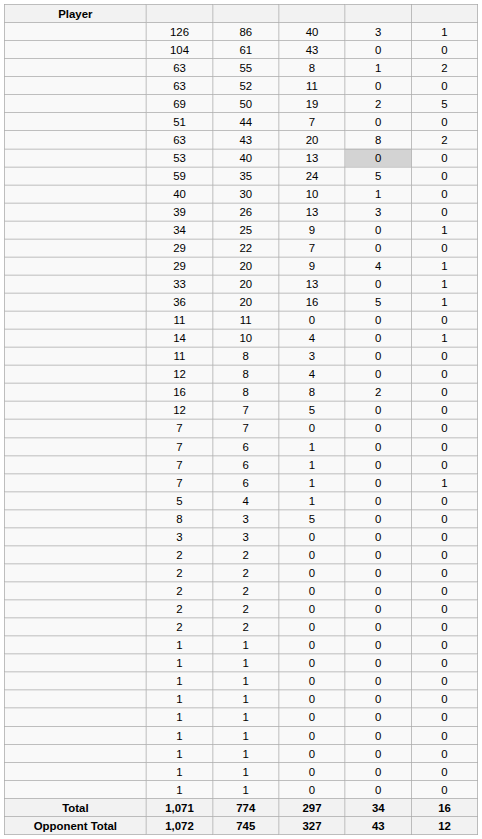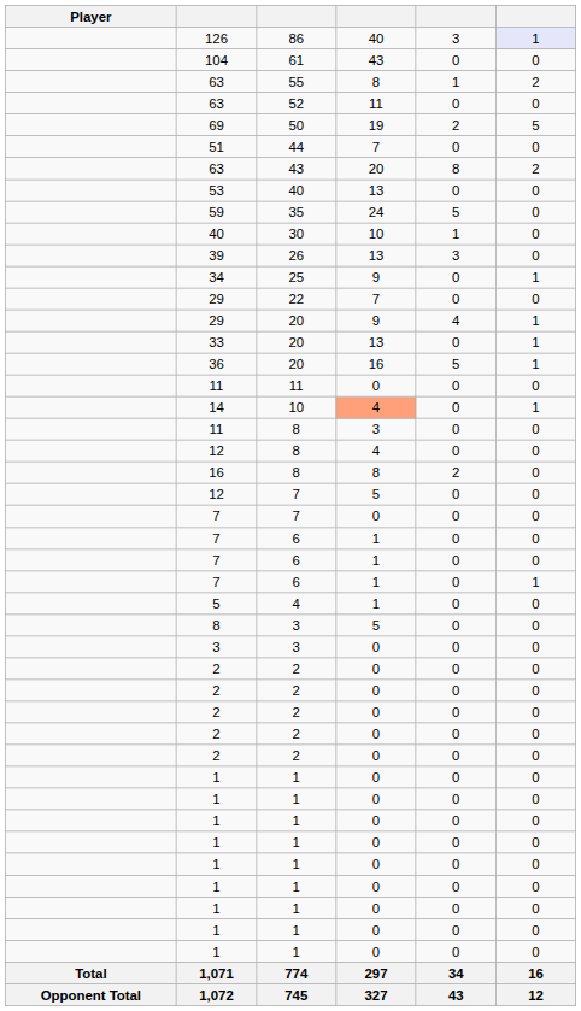 <table class="wikitable sortable" style="text-align:center; width:50%; font-size:95%;">
 <tr>
 <th width="30%">Player</th>
 <th width="14%"></th>
 <th width="14%"></th>
 <th width="14%"></th>
 <th width="14%"></th>
 <th width="14%"></th>
 </tr>
 <tr>
 <td align=left></td>
 <td>126</td>
 <td>86</td>
 <td>40</td>
 <td>3</td>
-<td>1</td>
+<td style="background: lavender;">1</td>
 </tr>
 <tr>
 <td align=left></td>
 <td>104</td>
 <td>61</td>
 <td>43</td>
 <td>0</td>
 <td>0</td>
 </tr>
 <tr>
 <td align=left></td>
 <td>63</td>
 <td>55</td>
 <td>8</td>
 <td>1</td>
 <td>2</td>
 </tr>
 <tr>
 <td align=left></td>
 <td>63</td>
 <td>52</td>
 <td>11</td>
 <td>0</td>
 <td>0</td>
 </tr>
 <tr>
 <td align=left></td>
 <td>69</td>
 <td>50</td>
 <td>19</td>
 <td>2</td>
 <td>5</td>
 </tr>
 <tr>
 <td align=left></td>
 <td>51</td>
 <td>44</td>
 <td>7</td>
 <td>0</td>
 <td>0</td>
 </tr>
 <tr>
 <td align=left></td>
 <td>63</td>
 <td>43</td>
 <td>20</td>
 <td>8</td>
 <td>2</td>
 </tr>
 <tr>
 <td align=left></td>
 <td>53</td>
 <td>40</td>
 <td>13</td>
-<td style="background: lightgrey;">0</td>
+<td>0</td>
 <td>0</td>
 </tr>
 <tr>
 <td align=left></td>
 <td>59</td>
 <td>35</td>
 <td>24</td>
 <td>5</td>
 <td>0</td>
 </tr>
 <tr>
 <td align=left></td>
 <td>40</td>
 <td>30</td>
 <td>10</td>
 <td>1</td>
 <td>0</td>
 </tr>
 <tr>
 <td align=left></td>
 <td>39</td>
 <td>26</td>
 <td>13</td>
 <td>3</td>
 <td>0</td>
 </tr>
 <tr>
 <td align=left></td>
 <td>34</td>
 <td>25</td>
 <td>9</td>
 <td>0</td>
 <td>1</td>
 </tr>
 <tr>
 <td align=left></td>
 <td>29</td>
 <td>22</td>
 <td>7</td>
 <td>0</td>
 <td>0</td>
 </tr>
 <tr>
 <td align=left></td>
 <td>29</td>
 <td>20</td>
 <td>9</td>
 <td>4</td>
 <td>1</td>
 </tr>
 <tr>
 <td align=left></td>
 <td>33</td>
 <td>20</td>
 <td>13</td>
 <td>0</td>
 <td>1</td>
 </tr>
 <tr>
 <td align=left></td>
 <td>36</td>
 <td>20</td>
 <td>16</td>
 <td>5</td>
 <td>1</td>
 </tr>
 <tr>
 <td align=left></td>
 <td>11</td>
 <td>11</td>
 <td>0</td>
 <td>0</td>
 <td>0</td>
 </tr>
 <tr>
 <td align=left></td>
 <td>14</td>
 <td>10</td>
-<td>4</td>
+<td style="background: lightsalmon;">4</td>
 <td>0</td>
 <td>1</td>
 </tr>
 <tr>
 <td align=left></td>
 <td>11</td>
 <td>8</td>
 <td>3</td>
 <td>0</td>
 <td>0</td>
 </tr>
 <tr>
 <td align=left></td>
 <td>12</td>
 <td>8</td>
 <td>4</td>
 <td>0</td>
 <td>0</td>
 </tr>
 <tr>
 <td align=left></td>
 <td>16</td>
 <td>8</td>
 <td>8</td>
 <td>2</td>
 <td>0</td>
 </tr>
 <tr>
 <td align=left></td>
 <td>12</td>
 <td>7</td>
 <td>5</td>
 <td>0</td>
 <td>0</td>
 </tr>
 <tr>
 <td align=left></td>
 <td>7</td>
 <td>7</td>
 <td>0</td>
 <td>0</td>
 <td>0</td>
 </tr>
 <tr>
 <td align=left></td>
 <td>7</td>
 <td>6</td>
 <td>1</td>
 <td>0</td>
 <td>0</td>
 </tr>
 <tr>
 <td align=left></td>
 <td>7</td>
 <td>6</td>
 <td>1</td>
 <td>0</td>
 <td>0</td>
 </tr>
 <tr>
 <td align=left></td>
 <td>7</td>
 <td>6</td>
 <td>1</td>
 <td>0</td>
 <td>1</td>
 </tr>
 <tr>
 <td align=left></td>
 <td>5</td>
 <td>4</td>
 <td>1</td>
 <td>0</td>
 <td>0</td>
 </tr>
 <tr>
 <td align=left></td>
 <td>8</td>
 <td>3</td>
 <td>5</td>
 <td>0</td>
 <td>0</td>
 </tr>
 <tr>
 <td align=left></td>
 <td>3</td>
 <td>3</td>
 <td>0</td>
 <td>0</td>
 <td>0</td>
 </tr>
 <tr>
 <td align=left></td>
 <td>2</td>
 <td>2</td>
 <td>0</td>
 <td>0</td>
 <td>0</td>
 </tr>
 <tr>
 <td align=left></td>
 <td>2</td>
 <td>2</td>
 <td>0</td>
 <td>0</td>
 <td>0</td>
 </tr>
 <tr>
 <td align=left></td>
 <td>2</td>
 <td>2</td>
 <td>0</td>
 <td>0</td>
 <td>0</td>
 </tr>
 <tr>
 <td align=left></td>
 <td>2</td>
 <td>2</td>
 <td>0</td>
 <td>0</td>
 <td>0</td>
 </tr>
 <tr>
 <td align=left></td>
 <td>2</td>
 <td>2</td>
 <td>0</td>
 <td>0</td>
 <td>0</td>
 </tr>
 <tr>
 <td align=left></td>
 <td>1</td>
 <td>1</td>
 <td>0</td>
 <td>0</td>
 <td>0</td>
 </tr>
 <tr>
 <td align=left></td>
 <td>1</td>
 <td>1</td>
 <td>0</td>
 <td>0</td>
 <td>0</td>
 </tr>
 <tr>
 <td align=left></td>
 <td>1</td>
 <td>1</td>
 <td>0</td>
 <td>0</td>
 <td>0</td>
 </tr>
 <tr>
 <td align=left></td>
 <td>1</td>
 <td>1</td>
 <td>0</td>
 <td>0</td>
 <td>0</td>
 </tr>
 <tr>
 <td align=left></td>
 <td>1</td>
 <td>1</td>
 <td>0</td>
 <td>0</td>
 <td>0</td>
 </tr>
 <tr>
 <td align=left></td>
 <td>1</td>
 <td>1</td>
 <td>0</td>
 <td>0</td>
 <td>0</td>
 </tr>
 <tr>
 <td align=left></td>
 <td>1</td>
 <td>1</td>
 <td>0</td>
 <td>0</td>
 <td>0</td>
 </tr>
 <tr>
 <td align=left></td>
 <td>1</td>
 <td>1</td>
 <td>0</td>
 <td>0</td>
 <td>0</td>
 </tr>
 <tr>
 <td align=left></td>
 <td>1</td>
 <td>1</td>
 <td>0</td>
 <td>0</td>
 <td>0</td>
 </tr>
 <tr>
 <th>Total</th>
 <th>1,071</th>
 <th>774</th>
 <th>297</th>
 <th>34</th>
 <th>16</th>
 </tr>
 <tr>
 <th>Opponent Total</th>
 <th>1,072</th>
 <th>745</th>
 <th>327</th>
 <th>43</th>
 <th>12</th>
 </tr>
 </table>
